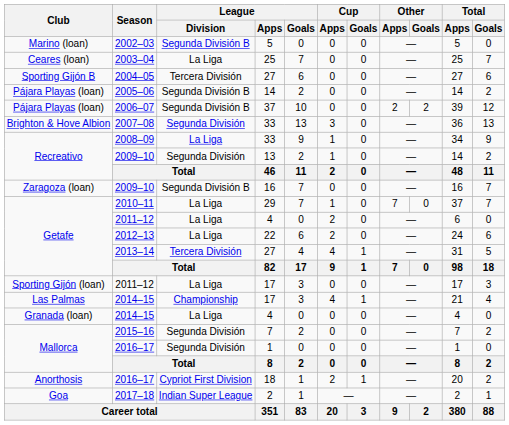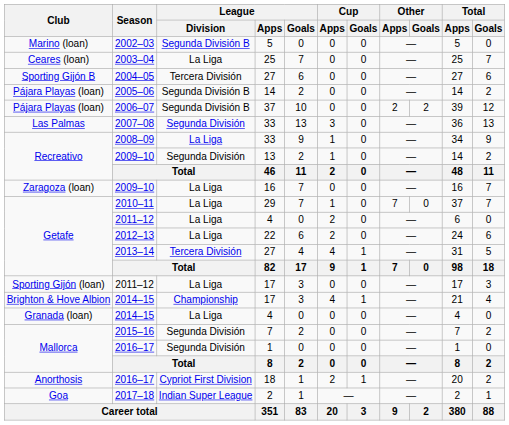 <table class="wikitable" style="text-align: center;">
 <tr>
 <th rowspan="2">Club</th>
 <th rowspan="2">Season</th>
 <th colspan="3">League</th>
 <th colspan="2">Cup</th>
 <th colspan="2">Other</th>
 <th colspan="2">Total</th>
 </tr>
 <tr>
 <th>Division</th>
 <th>Apps</th>
 <th>Goals</th>
 <th>Apps</th>
 <th>Goals</th>
 <th>Apps</th>
 <th>Goals</th>
 <th>Apps</th>
 <th>Goals</th>
 </tr>
 <tr>
 <td><a href='#'>Marino</a> (loan)</td>
 <td><a href='#'>2002–03</a></td>
 <td><a href='#'>Segunda División B</a></td>
 <td>5</td>
 <td>0</td>
 <td>0</td>
 <td>0</td>
 <td colspan="2">—</td>
 <td>5</td>
 <td>0</td>
 </tr>
 <tr>
 <td><a href='#'>Ceares</a> (loan)</td>
 <td><a href='#'>2003–04</a></td>
 <td>La Liga</td>
 <td>25</td>
 <td>7</td>
 <td>0</td>
 <td>0</td>
 <td colspan="2">—</td>
 <td>25</td>
 <td>7</td>
 </tr>
 <tr>
 <td><a href='#'>Sporting Gijón B</a></td>
 <td><a href='#'>2004–05</a></td>
 <td>Tercera División</td>
 <td>27</td>
 <td>6</td>
 <td>0</td>
 <td>0</td>
 <td colspan="2">—</td>
 <td>27</td>
 <td>6</td>
 </tr>
 <tr>
 <td><a href='#'>Pájara Playas</a> (loan)</td>
 <td><a href='#'>2005–06</a></td>
 <td>Segunda División B</td>
 <td>14</td>
 <td>2</td>
 <td>0</td>
 <td>0</td>
 <td colspan="2">—</td>
 <td>14</td>
 <td>2</td>
 </tr>
 <tr>
 <td><a href='#'>Pájara Playas</a> (loan)</td>
 <td><a href='#'>2006–07</a></td>
 <td>Segunda División B</td>
 <td>37</td>
 <td>10</td>
 <td>0</td>
 <td>0</td>
 <td>2</td>
 <td>2</td>
 <td>39</td>
 <td>12</td>
 </tr>
 <tr>
-<td rowspan="1"><a href='#'>Brighton & Hove Albion</a></td>
+<td><a href='#'>Las Palmas</a></td>
 <td><a href='#'>2007–08</a></td>
 <td><a href='#'>Segunda División</a></td>
 <td>33</td>
 <td>13</td>
 <td>3</td>
 <td>0</td>
 <td colspan="2">—</td>
 <td>36</td>
 <td>13</td>
 </tr>
 <tr>
 <td rowspan="3"><a href='#'>Recreativo</a></td>
 <td><a href='#'>2008–09</a></td>
 <td><a href='#'>La Liga</a></td>
 <td>33</td>
 <td>9</td>
 <td>1</td>
 <td>0</td>
 <td colspan="2">—</td>
 <td>34</td>
 <td>9</td>
 </tr>
 <tr>
 <td><a href='#'>2009–10</a></td>
 <td>Segunda División</td>
 <td>13</td>
 <td>2</td>
 <td>1</td>
 <td>0</td>
 <td colspan="2">—</td>
 <td>14</td>
 <td>2</td>
 </tr>
 <tr>
 <th colspan="2">Total</th>
 <th>46</th>
 <th>11</th>
 <th>2</th>
 <th>0</th>
 <th colspan="2">—</th>
 <th>48</th>
 <th>11</th>
 </tr>
 <tr>
 <td><a href='#'>Zaragoza</a> (loan)</td>
 <td><a href='#'>2009–10</a></td>
-<td>Segunda División B</td>
+<td>La Liga</td>
 <td>16</td>
 <td>7</td>
 <td>0</td>
 <td>0</td>
 <td colspan="2">—</td>
 <td>16</td>
 <td>7</td>
 </tr>
 <tr>
 <td rowspan="5"><a href='#'>Getafe</a></td>
 <td><a href='#'>2010–11</a></td>
 <td>La Liga</td>
 <td>29</td>
 <td>7</td>
 <td>1</td>
 <td>0</td>
 <td>7</td>
 <td>0</td>
 <td>37</td>
 <td>7</td>
 </tr>
 <tr>
 <td><a href='#'>2011–12</a></td>
 <td>La Liga</td>
 <td>4</td>
 <td>0</td>
 <td>2</td>
 <td>0</td>
 <td colspan="2">—</td>
 <td>6</td>
 <td>0</td>
 </tr>
 <tr>
 <td><a href='#'>2012–13</a></td>
 <td>La Liga</td>
 <td>22</td>
 <td>6</td>
 <td>2</td>
 <td>0</td>
 <td colspan="2">—</td>
 <td>24</td>
 <td>6</td>
 </tr>
 <tr>
 <td><a href='#'>2013–14</a></td>
 <td><a href='#'>Tercera División</a></td>
 <td>27</td>
 <td>4</td>
 <td>4</td>
 <td>1</td>
 <td colspan="2">—</td>
 <td>31</td>
 <td>5</td>
 </tr>
 <tr>
 <th colspan="2">Total</th>
 <th>82</th>
 <th>17</th>
 <th>9</th>
 <th>1</th>
 <th>7</th>
 <th>0</th>
 <th>98</th>
 <th>18</th>
 </tr>
 <tr>
 <td rowspan="1"><a href='#'>Sporting Gijón</a> (loan)</td>
 <td>2011–12</td>
 <td>La Liga</td>
 <td>17</td>
 <td>3</td>
 <td>0</td>
 <td>0</td>
 <td colspan="2">—</td>
 <td>17</td>
 <td>3</td>
 </tr>
 <tr>
-<td><a href='#'>Las Palmas</a></td>
+<td rowspan="1"><a href='#'>Brighton & Hove Albion</a></td>
 <td><a href='#'>2014–15</a></td>
 <td><a href='#'>Championship</a></td>
 <td>17</td>
 <td>3</td>
 <td>4</td>
 <td>1</td>
 <td colspan="2">—</td>
 <td>21</td>
 <td>4</td>
 </tr>
 <tr>
 <td><a href='#'>Granada</a> (loan)</td>
 <td><a href='#'>2014–15</a></td>
 <td>La Liga</td>
 <td>4</td>
 <td>0</td>
 <td>0</td>
 <td>0</td>
 <td colspan="2">—</td>
 <td>4</td>
 <td>0</td>
 </tr>
 <tr>
 <td rowspan="3"><a href='#'>Mallorca</a></td>
 <td><a href='#'>2015–16</a></td>
 <td>Segunda División</td>
 <td>7</td>
 <td>2</td>
 <td>0</td>
 <td>0</td>
 <td colspan="2">—</td>
 <td>7</td>
 <td>2</td>
 </tr>
 <tr>
 <td><a href='#'>2016–17</a></td>
 <td>Segunda División</td>
 <td>1</td>
 <td>0</td>
 <td>0</td>
 <td>0</td>
 <td colspan="2">—</td>
 <td>1</td>
 <td>0</td>
 </tr>
 <tr>
 <th colspan="2">Total</th>
 <th>8</th>
 <th>2</th>
 <th>0</th>
 <th>0</th>
 <th colspan="2">—</th>
 <th>8</th>
 <th>2</th>
 </tr>
 <tr>
 <td><a href='#'>Anorthosis</a></td>
 <td><a href='#'>2016–17</a></td>
 <td><a href='#'>Cypriot First Division</a></td>
 <td>18</td>
 <td>1</td>
 <td>2</td>
 <td>1</td>
 <td colspan="2">—</td>
 <td>20</td>
 <td>2</td>
 </tr>
 <tr>
 <td><a href='#'>Goa</a></td>
 <td><a href='#'>2017–18</a></td>
 <td><a href='#'>Indian Super League</a></td>
 <td>2</td>
 <td>1</td>
 <td colspan="2">—</td>
 <td colspan="2">—</td>
 <td>2</td>
 <td>1</td>
 </tr>
 <tr>
 <th colspan="3">Career total</th>
 <th>351</th>
 <th>83</th>
 <th>20</th>
 <th>3</th>
 <th>9</th>
 <th>2</th>
 <th>380</th>
 <th>88</th>
 </tr>
 </table>
